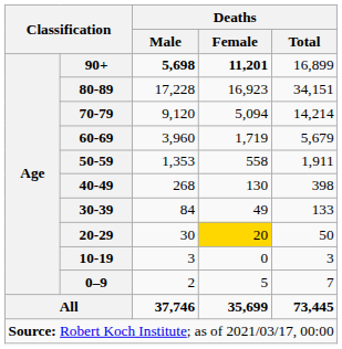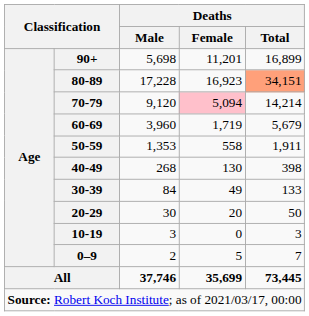 <table class="wikitable" style="text-align:right; font-size:90%">
 <tr>
 <th colspan="2" rowspan="2">Classification</th>
 <th colspan="3">Deaths</th>
 </tr>
 <tr>
 <th>Male</th>
 <th>Female</th>
 <th>Total</th>
 </tr>
 <tr>
 <th rowspan="10">Age</th>
 <th>90+</th>
-<td><strong>5,698</strong></td>
-<td><strong>11,201</strong></td>
+<td>5,698</td>
+<td>11,201</td>
 <td>16,899</td>
 </tr>
 <tr>
 <th>80-89</th>
 <td>17,228</td>
 <td>16,923</td>
-<td>34,151</td>
+<td style="background: lightsalmon;">34,151</td>
 </tr>
 <tr>
 <th>70-79</th>
 <td>9,120</td>
-<td>5,094</td>
+<td style="background: pink;">5,094</td>
 <td>14,214</td>
 </tr>
 <tr>
 <th>60-69</th>
 <td>3,960</td>
 <td>1,719</td>
 <td>5,679</td>
 </tr>
 <tr>
 <th>50-59</th>
 <td>1,353</td>
 <td>558</td>
 <td>1,911</td>
 </tr>
 <tr>
 <th>40-49</th>
 <td>268</td>
 <td>130</td>
 <td>398</td>
 </tr>
 <tr>
 <th>30-39</th>
 <td>84</td>
 <td>49</td>
 <td>133</td>
 </tr>
 <tr>
 <th>20-29</th>
 <td>30</td>
-<td style="background: gold;">20</td>
+<td>20</td>
 <td>50</td>
 </tr>
 <tr>
 <th>10-19</th>
 <td>3</td>
 <td>0</td>
 <td>3</td>
 </tr>
 <tr>
 <th>0–9</th>
 <td>2</td>
 <td>5</td>
 <td>7</td>
 </tr>
 <tr>
 <th colspan="2">All</th>
 <td><strong>37,746</strong></td>
 <td><strong>35,699</strong></td>
 <td><strong>73,445</strong></td>
 </tr>
 <tr>
 <td colspan="5" style="text-align:left;"><strong>Source:</strong> <a href='#'>Robert Koch Institute</a>; as of 2021/03/17, 00:00</td>
 </tr>
 </table>
